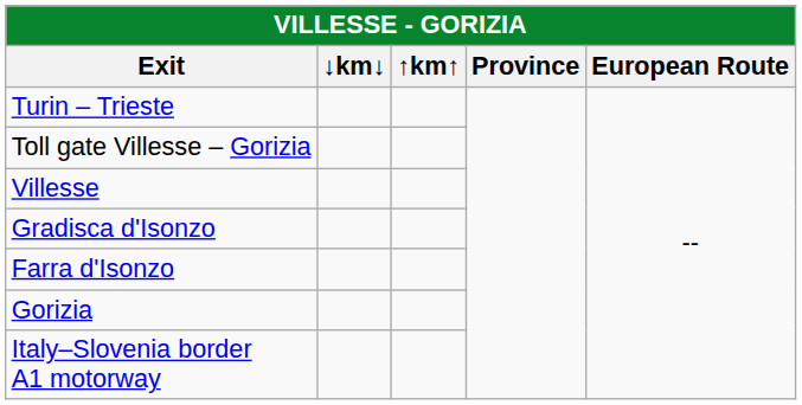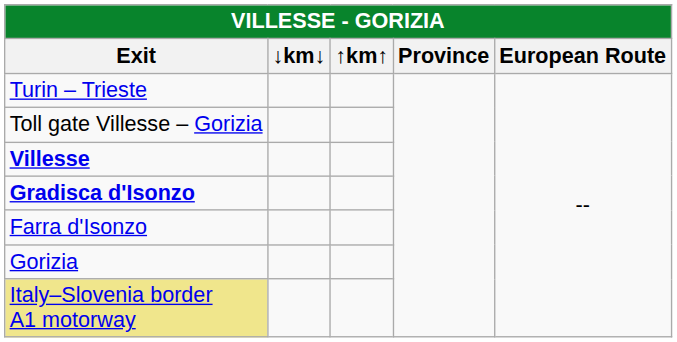 <table class="wikitable">
 <tr align="center" bgcolor="08842C" style="color: white;">
 <td colspan="5"><strong> VILLESSE - GORIZIA</strong></td>
 </tr>
 <tr>
 <th style="text-align:center;"><strong>Exit</strong></th>
 <th style="text-align:center;"><strong>↓km↓</strong></th>
 <th style="text-align:center;"><strong>↑km↑</strong></th>
 <th align="center"><strong>Province</strong></th>
 <th align="center"><strong>European Route</strong></th>
 </tr>
 <tr>
 <td>   <a href='#'>Turin – Trieste</a></td>
 <td align="right"></td>
 <td align="right"></td>
 <td rowspan="7"></td>
 <td align="center" rowspan=7>--</td>
 </tr>
 <tr>
 <td> Toll gate Villesse – <a href='#'>Gorizia</a></td>
 <td align="right"></td>
 <td align="right"></td>
 </tr>
 <tr>
-<td> <a href='#'>Villesse</a></td>
+<td><strong> <a href='#'>Villesse</a></strong></td>
 <td align="right"></td>
 <td align="right"></td>
 </tr>
 <tr>
-<td> <a href='#'>Gradisca d'Isonzo</a></td>
+<td><strong> <a href='#'>Gradisca d'Isonzo</a></strong></td>
 <td align="right"></td>
 <td align="right"></td>
 </tr>
 <tr>
 <td> <a href='#'>Farra d'Isonzo</a></td>
 <td align="right"></td>
 <td align="right"></td>
 </tr>
 <tr>
 <td> <a href='#'>Gorizia</a></td>
 <td align="right"></td>
 <td align="right"></td>
 </tr>
 <tr>
-<td>  <a href='#'>Italy–Slovenia border</a><br>  <a href='#'>A1 motorway</a></td>
+<td style="background: khaki;">  <a href='#'>Italy–Slovenia border</a><br>  <a href='#'>A1 motorway</a></td>
 <td align="right"></td>
 <td align="right"></td>
 </tr>
 </table>
